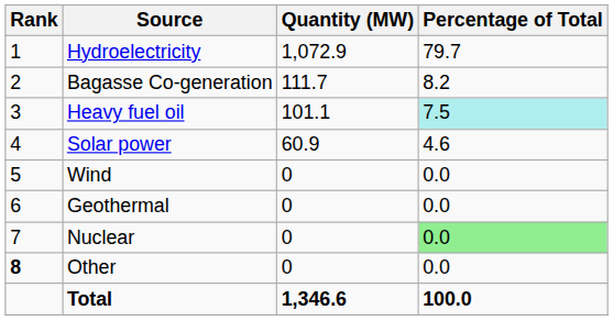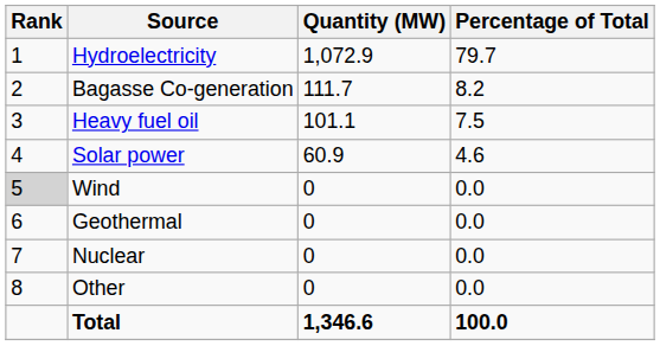 <table class="wikitable sortable" style="margin: 0.5em auto">
 <tr>
 <th>Rank</th>
 <th>Source</th>
 <th>Quantity (MW)</th>
 <th>Percentage of Total</th>
 </tr>
 <tr>
 <td>1</td>
 <td><a href='#'>Hydroelectricity</a></td>
 <td>1,072.9</td>
 <td>79.7</td>
 </tr>
 <tr>
 <td>2</td>
 <td>Bagasse Co-generation</td>
 <td>111.7</td>
 <td>8.2</td>
 </tr>
 <tr>
 <td>3</td>
 <td><a href='#'>Heavy fuel oil</a></td>
 <td>101.1</td>
-<td style="background: paleturquoise;">7.5</td>
+<td>7.5</td>
 </tr>
 <tr>
 <td>4</td>
 <td><a href='#'>Solar power</a></td>
 <td>60.9</td>
 <td>4.6</td>
 </tr>
 <tr>
-<td>5</td>
+<td style="background: lightgrey;">5</td>
 <td>Wind</td>
 <td>0</td>
 <td>0.0</td>
 </tr>
 <tr>
 <td>6</td>
 <td>Geothermal</td>
 <td>0</td>
 <td>0.0</td>
 </tr>
 <tr>
 <td>7</td>
 <td>Nuclear</td>
 <td>0</td>
-<td style="background: lightgreen;">0.0</td>
+<td>0.0</td>
 </tr>
 <tr>
-<td><strong>8</strong></td>
+<td>8</td>
 <td>Other</td>
 <td>0</td>
 <td>0.0</td>
 </tr>
 <tr>
 <td></td>
 <td><strong>Total</strong></td>
 <td><strong>1,346.6</strong></td>
 <td><strong>100.0</strong></td>
 </tr>
 <tr>
 </tr>
 </table>
